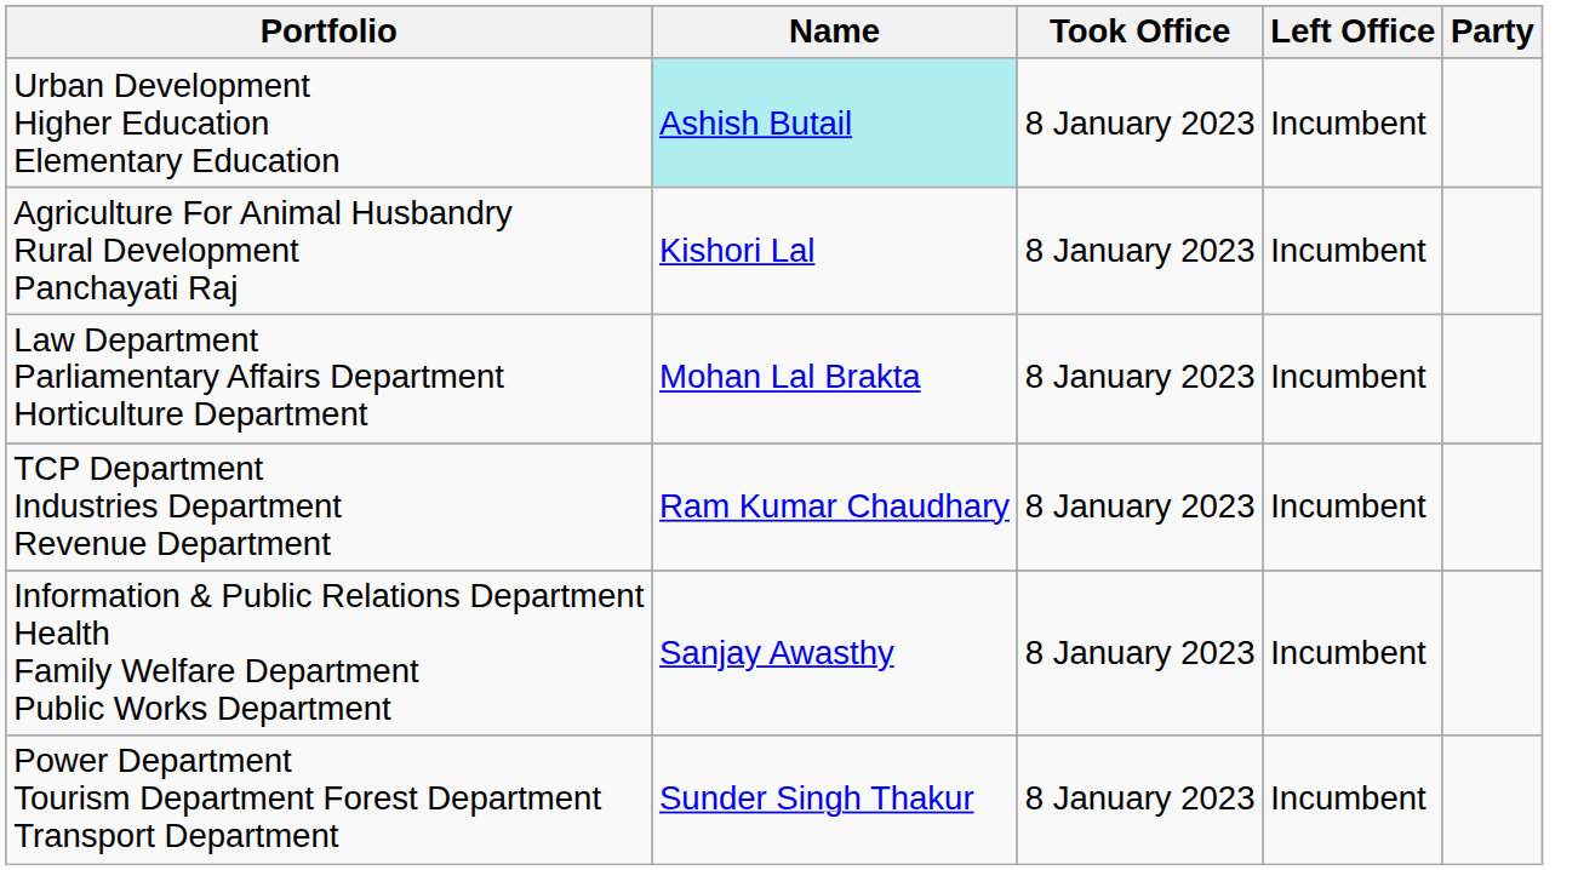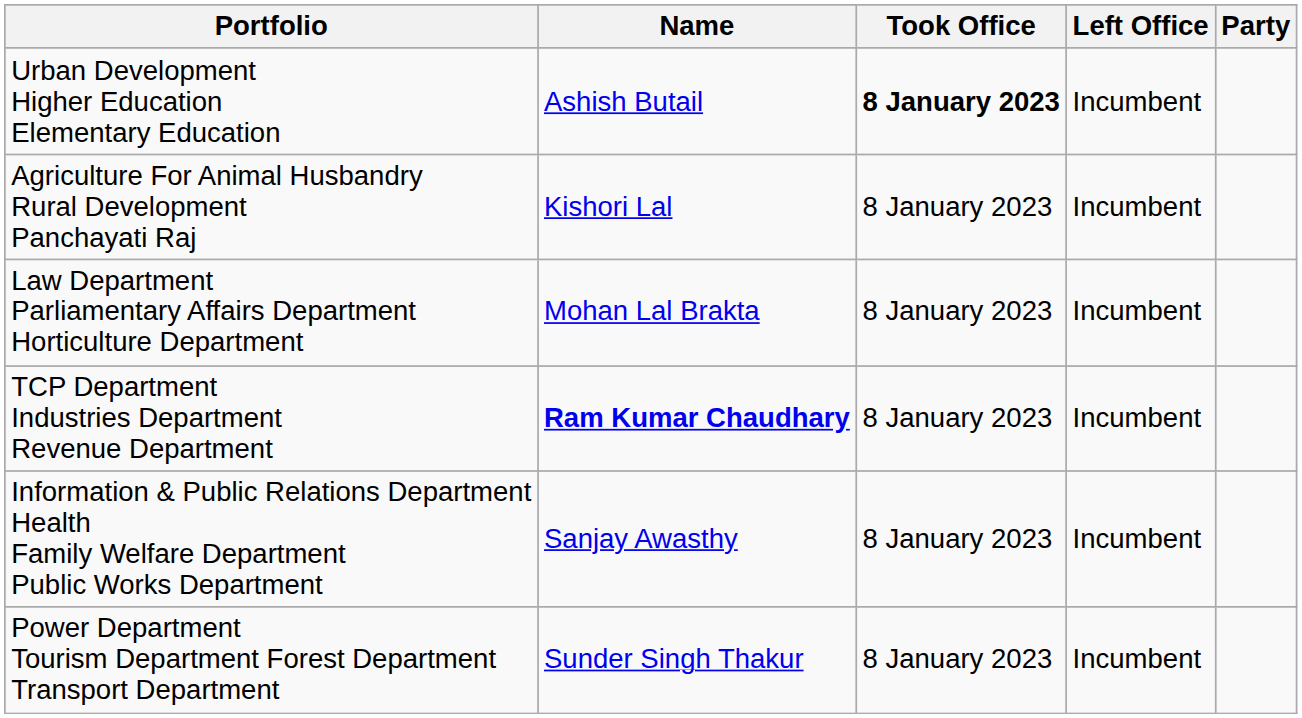 <table class="wikitable">
 <tr>
 <th>Portfolio</th>
 <th>Name</th>
 <th>Took Office</th>
 <th>Left Office</th>
 <th colspan="2">Party</th>
 </tr>
 <tr>
 <td>Urban Development<br>Higher Education<br>Elementary Education</td>
-<td style="background: paleturquoise;"><a href='#'>Ashish Butail</a></td>
-<td>8 January 2023</td>
+<td><a href='#'>Ashish Butail</a></td>
+<td><strong>8 January 2023</strong></td>
 <td>Incumbent</td>
 <td></td>
 </tr>
 <tr>
 <td>Agriculture For Animal Husbandry<br>Rural Development<br>Panchayati Raj</td>
 <td><a href='#'>Kishori Lal</a></td>
 <td>8 January 2023</td>
 <td>Incumbent</td>
 <td></td>
 </tr>
 <tr>
 <td>Law Department<br>Parliamentary Affairs Department<br>Horticulture Department</td>
 <td><a href='#'>Mohan Lal Brakta</a></td>
 <td>8 January 2023</td>
 <td>Incumbent</td>
 <td></td>
 </tr>
 <tr>
 <td>TCP Department<br>Industries Department<br>Revenue Department</td>
-<td><a href='#'>Ram Kumar Chaudhary</a></td>
+<td><strong><a href='#'>Ram Kumar Chaudhary</a></strong></td>
 <td>8 January 2023</td>
 <td>Incumbent</td>
 <td></td>
 </tr>
 <tr>
 <td>Information & Public Relations Department<br>Health<br>Family Welfare Department<br>Public Works Department</td>
 <td><a href='#'>Sanjay Awasthy</a></td>
 <td>8 January 2023</td>
 <td>Incumbent</td>
 <td></td>
 </tr>
 <tr>
 <td>Power Department<br>Tourism Department Forest Department<br>Transport Department</td>
 <td><a href='#'>Sunder Singh Thakur</a></td>
 <td>8 January 2023</td>
 <td>Incumbent</td>
 <td></td>
 </tr>
 </table>
